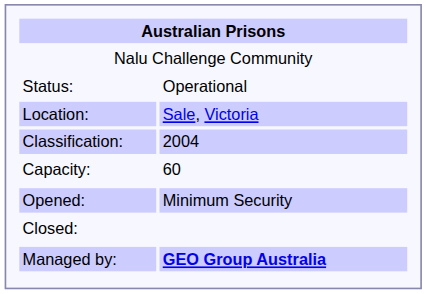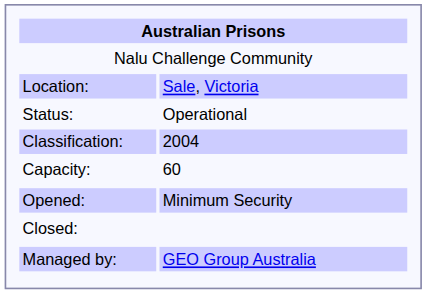 <table cellpadding=2 cellspacing=2 align=right width=256px style="font-family: verdana, sans-serif; padding: 6px; margin: 0 0 1em 1em; font-size: 10px; background-color: #f7f8ff; border:1px solid #8888aa;">
 <tr style=background:#ccccff>
 <td align=center colspan=2><span><strong>Australian Prisons</strong></span></td>
 </tr>
 <tr>
 <td align=center colspan=2>Nalu Challenge Community</td>
 </tr>
+<tr style=background:#ccccff>
+<td style=width:80px>Location:</td>
+<td><a href='#'>Sale</a>, <a href='#'>Victoria</a></td>
+</tr>
 <tr>
 <td>Status:</td>
 <td>Operational</td>
-</tr>
-<tr style=background:#ccccff>
-<td style=width:80px>Location:</td>
-<td><a href='#'>Sale</a>, <a href='#'>Victoria</a></td>
 </tr>
 <tr style=background:#ccccff>
 <td>Classification:</td>
 <td>2004</td>
 </tr>
 <tr>
 <td>Capacity:</td>
 <td>60</td>
 </tr>
 <tr>
 </tr>
 <tr style=background:#ccccff>
 <td>Opened:</td>
 <td>Minimum Security</td>
 </tr>
 <tr>
 <td>Closed:</td>
 <td></td>
 </tr>
 <tr>
 </tr>
 <tr style=background:#ccccff>
 <td>Managed by:</td>
-<td><strong><a href='#'>GEO Group Australia</a></strong></td>
+<td><a href='#'>GEO Group Australia</a></td>
 </tr>
 <tr>
 </tr>
 </table>
